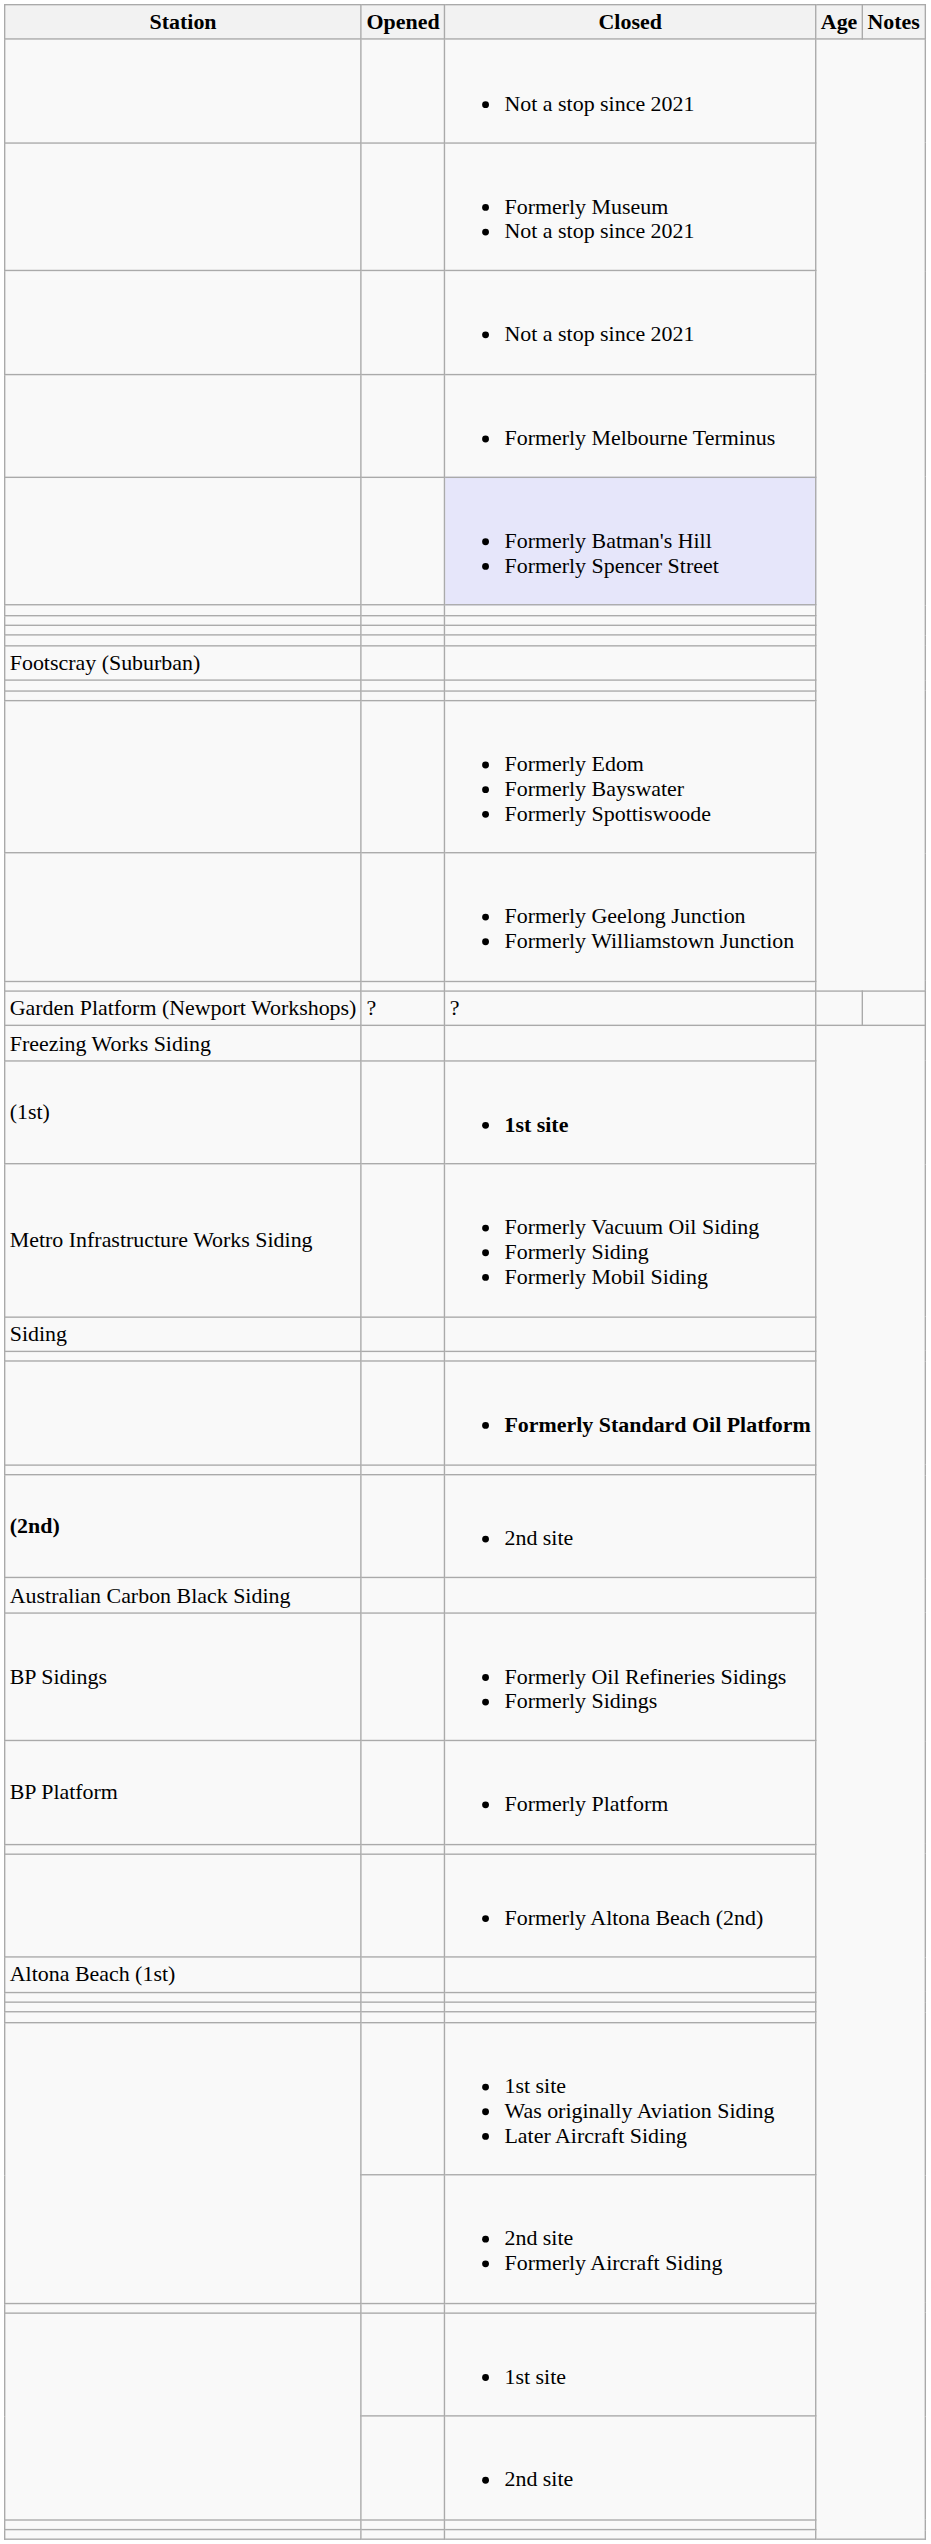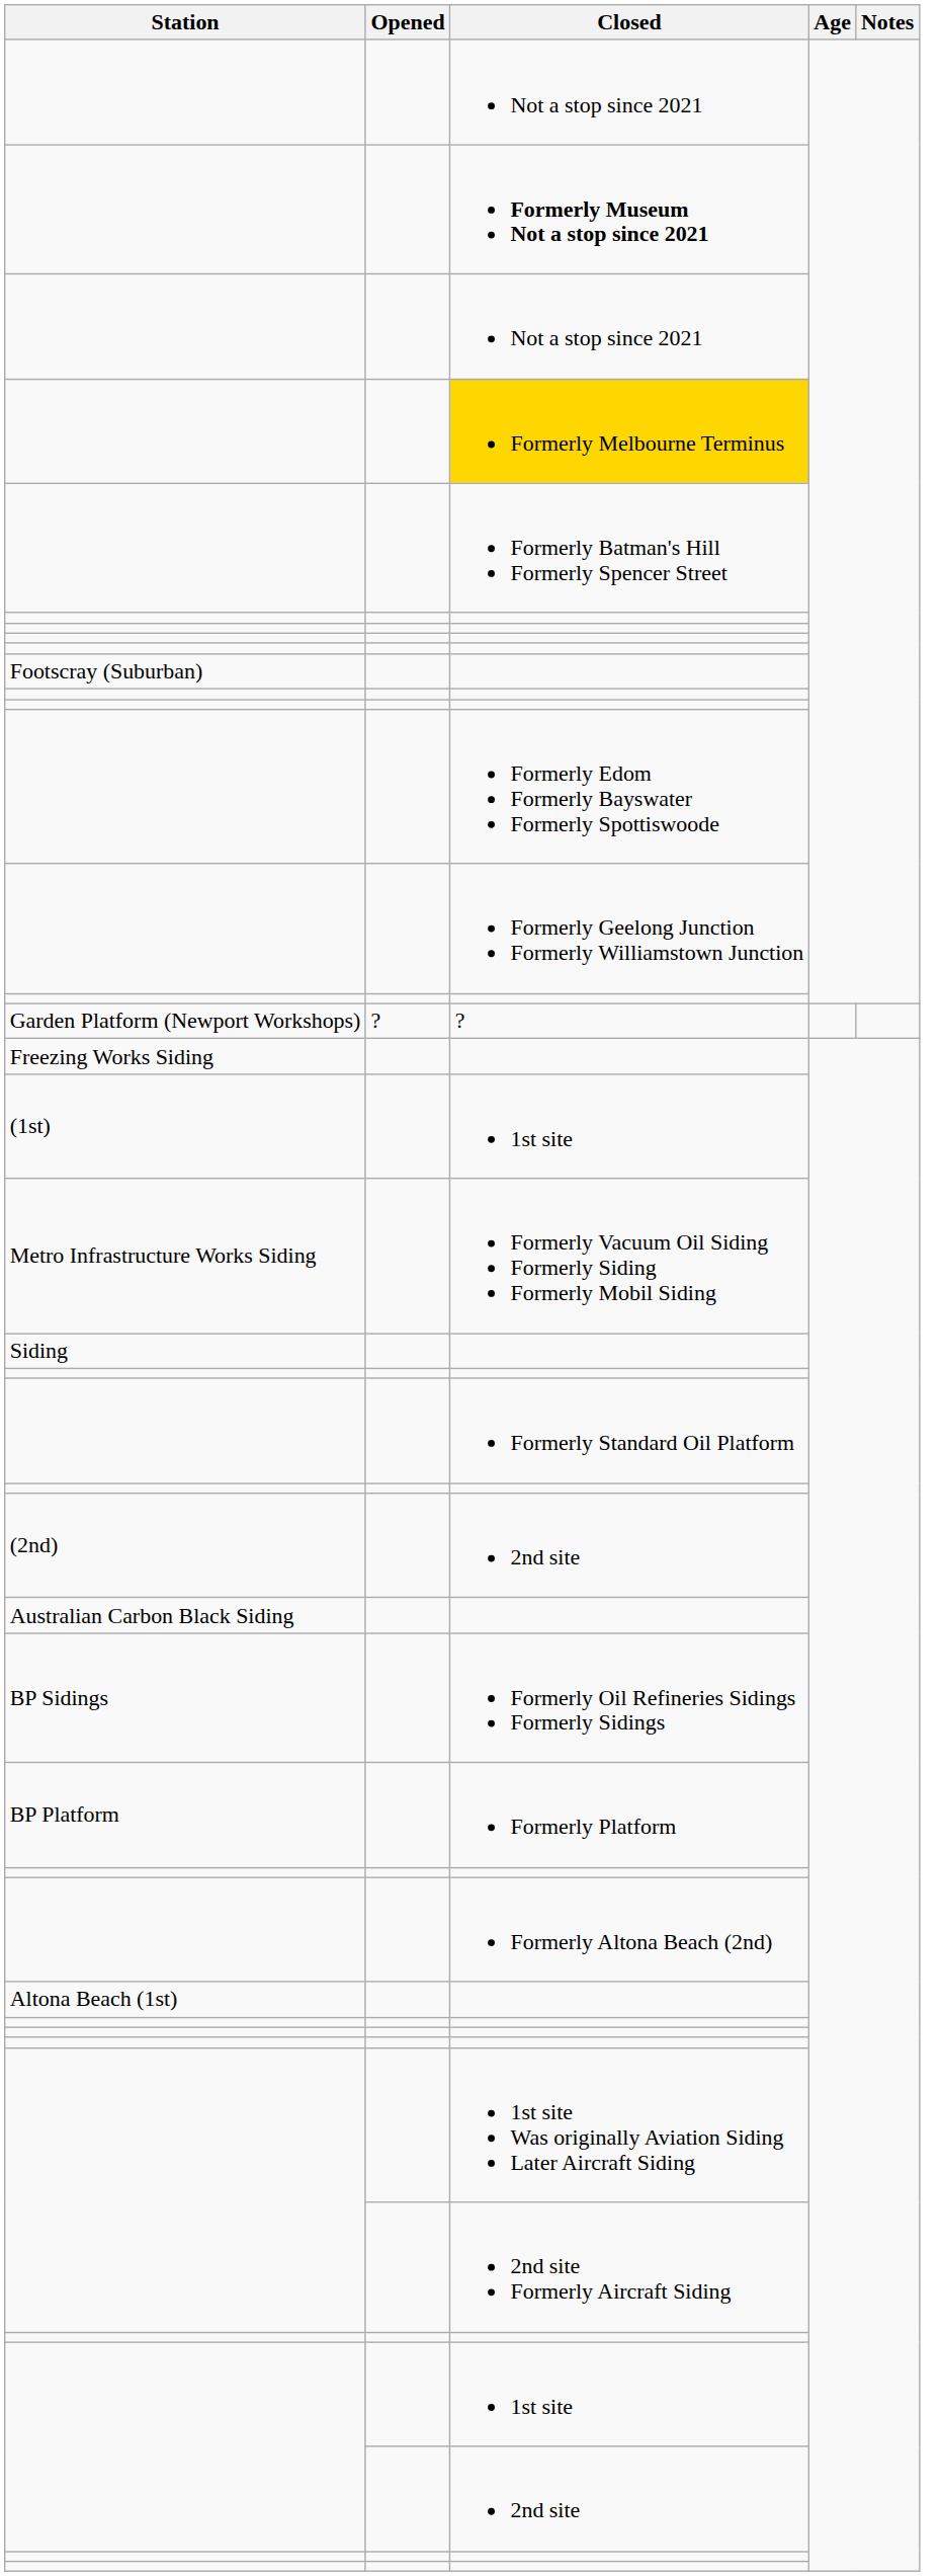 <table class="wikitable sortable mw-collapsible mw-collapsed">
 <tr>
 <th>Station</th>
 <th>Opened</th>
 <th>Closed</th>
 <th>Age</th>
 <th scope=col class=unsortable>Notes</th>
 </tr>
 <tr>
 <td></td>
 <td></td>
 <td><br><ul><li>Not a stop since 2021</li></ul></td>
 </tr>
 <tr>
 <td></td>
 <td></td>
-<td><br><ul><li>Formerly Museum</li><li>Not a stop since 2021</li></ul></td>
+<td><strong><br><ul><li>Formerly Museum</li><li>Not a stop since 2021</li></ul></strong></td>
 </tr>
 <tr>
 <td></td>
 <td></td>
 <td><br><ul><li>Not a stop since 2021</li></ul></td>
 </tr>
 <tr>
 <td></td>
 <td></td>
-<td><br><ul><li>Formerly Melbourne Terminus</li></ul></td>
+<td style="background: gold;"><br><ul><li>Formerly Melbourne Terminus</li></ul></td>
 </tr>
 <tr>
 <td></td>
 <td></td>
-<td style="background: lavender;"><br><ul><li>Formerly Batman's Hill</li><li>Formerly Spencer Street</li></ul></td>
+<td><br><ul><li>Formerly Batman's Hill</li><li>Formerly Spencer Street</li></ul></td>
 </tr>
 <tr>
 <td></td>
 <td></td>
 <td></td>
 </tr>
 <tr>
 <td></td>
 <td></td>
 <td></td>
 </tr>
 <tr>
 <td></td>
 <td></td>
 <td></td>
 </tr>
 <tr>
 <td></td>
 <td></td>
 <td></td>
 </tr>
 <tr>
 <td>Footscray (Suburban)</td>
 <td></td>
 <td></td>
 </tr>
 <tr>
 <td></td>
 <td></td>
 <td></td>
 </tr>
 <tr>
 <td></td>
 <td></td>
 <td></td>
 </tr>
 <tr>
 <td></td>
 <td></td>
 <td><br><ul><li>Formerly Edom</li><li>Formerly Bayswater</li><li>Formerly Spottiswoode</li></ul></td>
 </tr>
 <tr>
 <td></td>
 <td></td>
 <td><br><ul><li>Formerly Geelong Junction</li><li>Formerly Williamstown Junction</li></ul></td>
 </tr>
 <tr>
 <td></td>
 <td></td>
 <td></td>
 </tr>
 <tr>
 <td>Garden Platform (Newport Workshops)</td>
 <td>?</td>
 <td>?</td>
 <td></td>
 <td></td>
 </tr>
 <tr>
 <td>Freezing Works Siding</td>
 <td></td>
 <td></td>
 </tr>
 <tr>
 <td> (1st)</td>
 <td></td>
-<td><strong><br><ul><li>1st site</li></ul></strong></td>
+<td><br><ul><li>1st site</li></ul></td>
 </tr>
 <tr>
 <td>Metro Infrastructure Works Siding</td>
 <td></td>
 <td><br><ul><li>Formerly Vacuum Oil Siding</li><li>Formerly  Siding</li><li>Formerly Mobil Siding</li></ul></td>
 </tr>
 <tr>
 <td> Siding</td>
 <td></td>
 <td></td>
 </tr>
 <tr>
 <td></td>
 <td></td>
 <td></td>
 </tr>
 <tr>
 <td></td>
 <td></td>
-<td><strong><br><ul><li>Formerly Standard Oil Platform</li></ul></strong></td>
+<td><br><ul><li>Formerly Standard Oil Platform</li></ul></td>
 </tr>
 <tr>
 <td></td>
 <td></td>
 <td></td>
 </tr>
 <tr>
-<td><strong> (2nd)</strong></td>
+<td> (2nd)</td>
 <td></td>
 <td><br><ul><li>2nd site</li></ul></td>
 </tr>
 <tr>
 <td>Australian Carbon Black Siding</td>
 <td></td>
 <td></td>
 </tr>
 <tr>
 <td>BP Sidings</td>
 <td></td>
 <td><br><ul><li>Formerly Oil Refineries Sidings</li><li>Formerly  Sidings</li></ul></td>
 </tr>
 <tr>
 <td>BP Platform</td>
 <td></td>
 <td><br><ul><li>Formerly  Platform</li></ul></td>
 </tr>
 <tr>
 <td></td>
 <td></td>
 <td></td>
 </tr>
 <tr>
 <td></td>
 <td></td>
 <td><br><ul><li>Formerly Altona Beach (2nd)</li></ul></td>
 </tr>
 <tr>
 <td>Altona Beach (1st)</td>
 <td></td>
 <td></td>
 </tr>
 <tr>
 <td></td>
 <td></td>
 <td></td>
 </tr>
 <tr>
 <td></td>
 <td></td>
 <td></td>
 </tr>
 <tr>
 <td></td>
 <td></td>
 <td></td>
 </tr>
 <tr>
 <td rowspan="2"></td>
 <td></td>
 <td><br><ul><li>1st site</li><li>Was originally Aviation Siding</li><li>Later Aircraft Siding</li></ul></td>
 </tr>
 <tr>
 <td></td>
 <td><br><ul><li>2nd site</li><li>Formerly Aircraft Siding</li></ul></td>
 </tr>
 <tr>
 <td></td>
 <td></td>
 <td></td>
 </tr>
 <tr>
 <td rowspan="2"></td>
 <td></td>
 <td><br><ul><li>1st site</li></ul></td>
 </tr>
 <tr>
 <td></td>
 <td><br><ul><li>2nd site</li></ul></td>
 </tr>
 <tr>
 <td></td>
 <td></td>
 <td></td>
 </tr>
 <tr>
 <td></td>
 <td></td>
 <td></td>
 </tr>
 </table>
